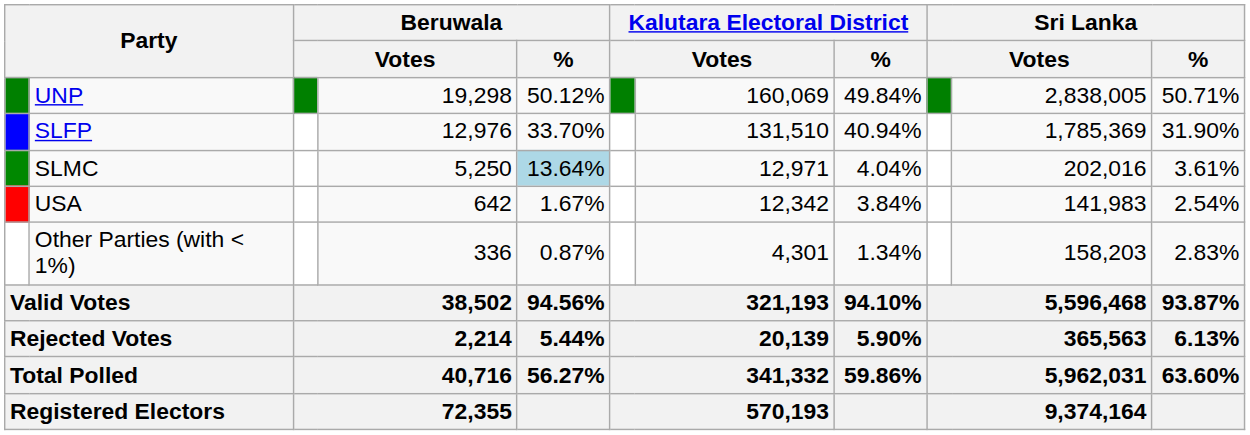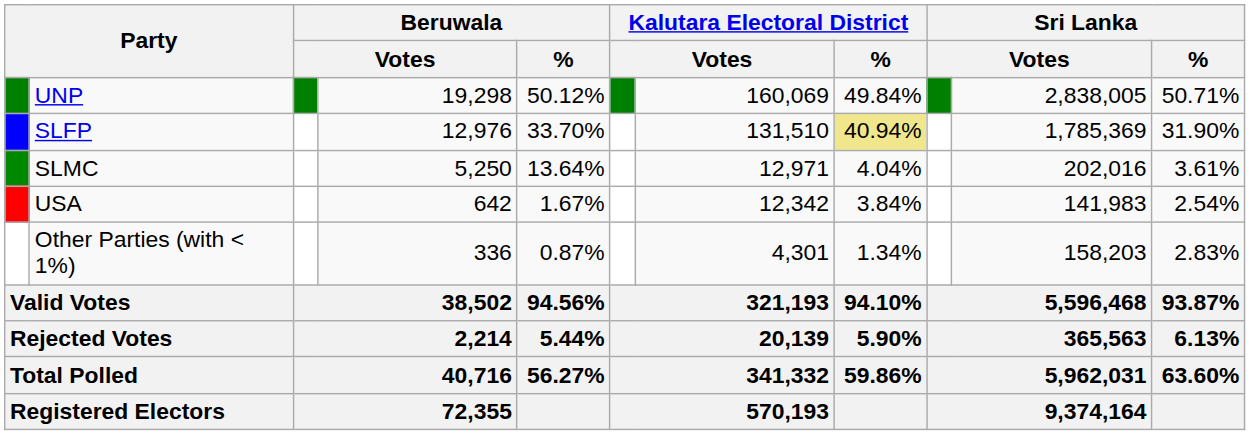 <table class="wikitable">
 <tr>
 <th colspan="2" width="144px"rowspan="2">Party</th>
 <th colspan="3" width="216px">Beruwala</th>
 <th colspan="3" width="216px"><a href='#'>Kalutara Electoral District</a></th>
 <th colspan="3" width="216px">Sri Lanka</th>
 </tr>
 <tr>
 <th colspan="2" width="144px">Votes</th>
 <th>%</th>
 <th colspan="2" width="144px">Votes</th>
 <th>%</th>
 <th colspan="2" width="144px">Votes</th>
 <th>%</th>
 </tr>
 <tr>
 <td style="background-color:green;" width="10px"></td>
 <td style="text-align:left;"><a href='#'>UNP</a></td>
 <td style="background-color:green;" width="10px"></td>
 <td style="text-align:right;">19,298</td>
 <td style="text-align:right;">50.12%</td>
 <td style="background-color:green;" width="10px"></td>
 <td style="text-align:right;">160,069</td>
 <td style="text-align:right;">49.84%</td>
 <td style="background-color:green;" width="10px"></td>
 <td style="text-align:right;">2,838,005</td>
 <td style="text-align:right;">50.71%</td>
 </tr>
 <tr>
 <td style="background-color:blue;" width="10px"></td>
 <td style="text-align:left;"><a href='#'>SLFP</a></td>
 <td style="background-color:white;" width="10px"></td>
 <td style="text-align:right;">12,976</td>
 <td style="text-align:right;">33.70%</td>
 <td style="background-color:white;" width="10px"></td>
 <td style="text-align:right;">131,510</td>
-<td style="text-align:right;">40.94%</td>
+<td style="background: khaki; text-align:right;">40.94%</td>
 <td style="background-color:white;" width="10px"></td>
 <td style="text-align:right;">1,785,369</td>
 <td style="text-align:right;">31.90%</td>
 </tr>
 <tr>
 <td style="background-color:#008800;" width="10px"></td>
 <td style="text-align:left;">SLMC</td>
 <td style="background-color:white;" width="10px"></td>
 <td style="text-align:right;">5,250</td>
-<td style="background: lightblue; text-align:right;">13.64%</td>
+<td style="text-align:right;">13.64%</td>
 <td style="background-color:white;" width="10px"></td>
 <td style="text-align:right;">12,971</td>
 <td style="text-align:right;">4.04%</td>
 <td style="background-color:white;" width="10px"></td>
 <td style="text-align:right;">202,016</td>
 <td style="text-align:right;">3.61%</td>
 </tr>
 <tr>
 <td style="background-color:red;" width="10px"></td>
 <td style="text-align:left;">USA</td>
 <td style="background-color:white;" width="10px"></td>
 <td style="text-align:right;">642</td>
 <td style="text-align:right;">1.67%</td>
 <td style="background-color:white;" width="10px"></td>
 <td style="text-align:right;">12,342</td>
 <td style="text-align:right;">3.84%</td>
 <td style="background-color:white;" width="10px"></td>
 <td style="text-align:right;">141,983</td>
 <td style="text-align:right;">2.54%</td>
 </tr>
 <tr>
 <td style="background-color:white;" width="10px"></td>
 <td style="text-align:left;">Other Parties (with < 1%)</td>
 <td style="background-color:white;" width="10px"></td>
 <td style="text-align:right;">336</td>
 <td style="text-align:right;">0.87%</td>
 <td style="background-color:white;" width="10px"></td>
 <td style="text-align:right;">4,301</td>
 <td style="text-align:right;">1.34%</td>
 <td style="background-color:white;" width="10px"></td>
 <td style="text-align:right;">158,203</td>
 <td style="text-align:right;">2.83%</td>
 </tr>
 <tr>
 <th colspan="2" width="144px"style="text-align:left;">Valid Votes</th>
 <th style="text-align:right;"colspan="2" width="144px">38,502</th>
 <th style="text-align:right;">94.56%</th>
 <th style="text-align:right;"colspan="2" width="144px">321,193</th>
 <th style="text-align:right;">94.10%</th>
 <th style="text-align:right;"colspan="2" width="144px">5,596,468</th>
 <th style="text-align:right;">93.87%</th>
 </tr>
 <tr>
 <th colspan="2" width="144px"style="text-align:left;">Rejected Votes</th>
 <th style="text-align:right;"colspan="2" width="144px">2,214</th>
 <th style="text-align:right;">5.44%</th>
 <th style="text-align:right;"colspan="2" width="144px">20,139</th>
 <th style="text-align:right;">5.90%</th>
 <th style="text-align:right;"colspan="2" width="144px">365,563</th>
 <th style="text-align:right;">6.13%</th>
 </tr>
 <tr>
 <th colspan="2" width="144px"style="text-align:left;">Total Polled</th>
 <th style="text-align:right;"colspan="2" width="144px">40,716</th>
 <th style="text-align:right;">56.27%</th>
 <th style="text-align:right;"colspan="2" width="144px">341,332</th>
 <th style="text-align:right;">59.86%</th>
 <th style="text-align:right;"colspan="2" width="144px">5,962,031</th>
 <th style="text-align:right;">63.60%</th>
 </tr>
 <tr>
 <th colspan="2" width="144px"style="text-align:left;">Registered Electors</th>
 <th style="text-align:right;"colspan="2" width="144px">72,355</th>
 <th></th>
 <th style="text-align:right;"colspan="2" width="144px">570,193</th>
 <th></th>
 <th style="text-align:right;"colspan="2" width="144px">9,374,164</th>
 <th></th>
 </tr>
 </table>
